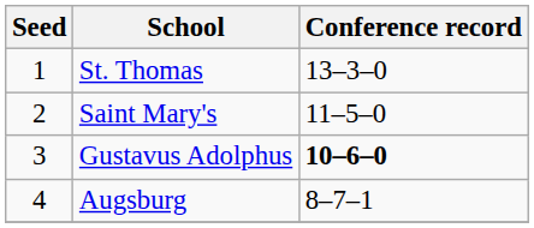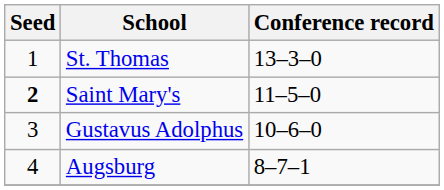 <table class="wikitable">
 <tr>
 <th>Seed</th>
 <th>School</th>
 <th>Conference record</th>
 </tr>
 <tr>
 <td align=center>1</td>
 <td><a href='#'>St. Thomas</a></td>
 <td>13–3–0</td>
 </tr>
 <tr>
-<td align=center>2</td>
+<td align=center><strong>2</strong></td>
 <td><a href='#'>Saint Mary's</a></td>
 <td>11–5–0</td>
 </tr>
 <tr>
 <td align=center>3</td>
 <td><a href='#'>Gustavus Adolphus</a></td>
-<td><strong>10–6–0</strong></td>
+<td>10–6–0</td>
 </tr>
 <tr>
 <td align=center>4</td>
 <td><a href='#'>Augsburg</a></td>
 <td>8–7–1</td>
 </tr>
 <tr>
 </tr>
 </table>
